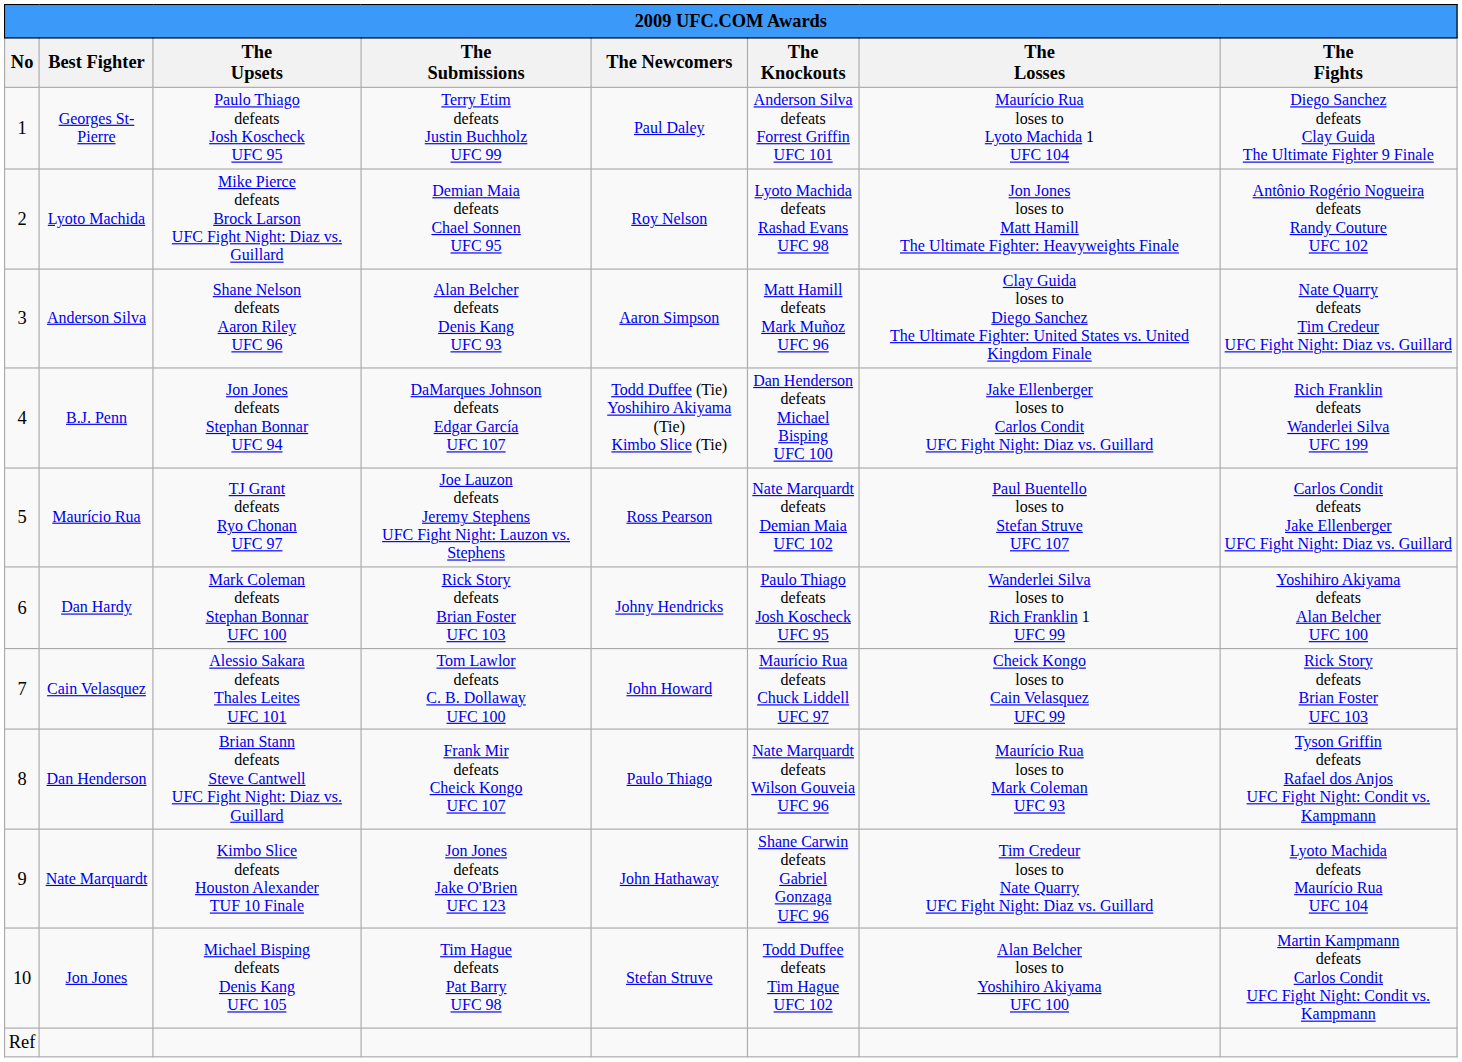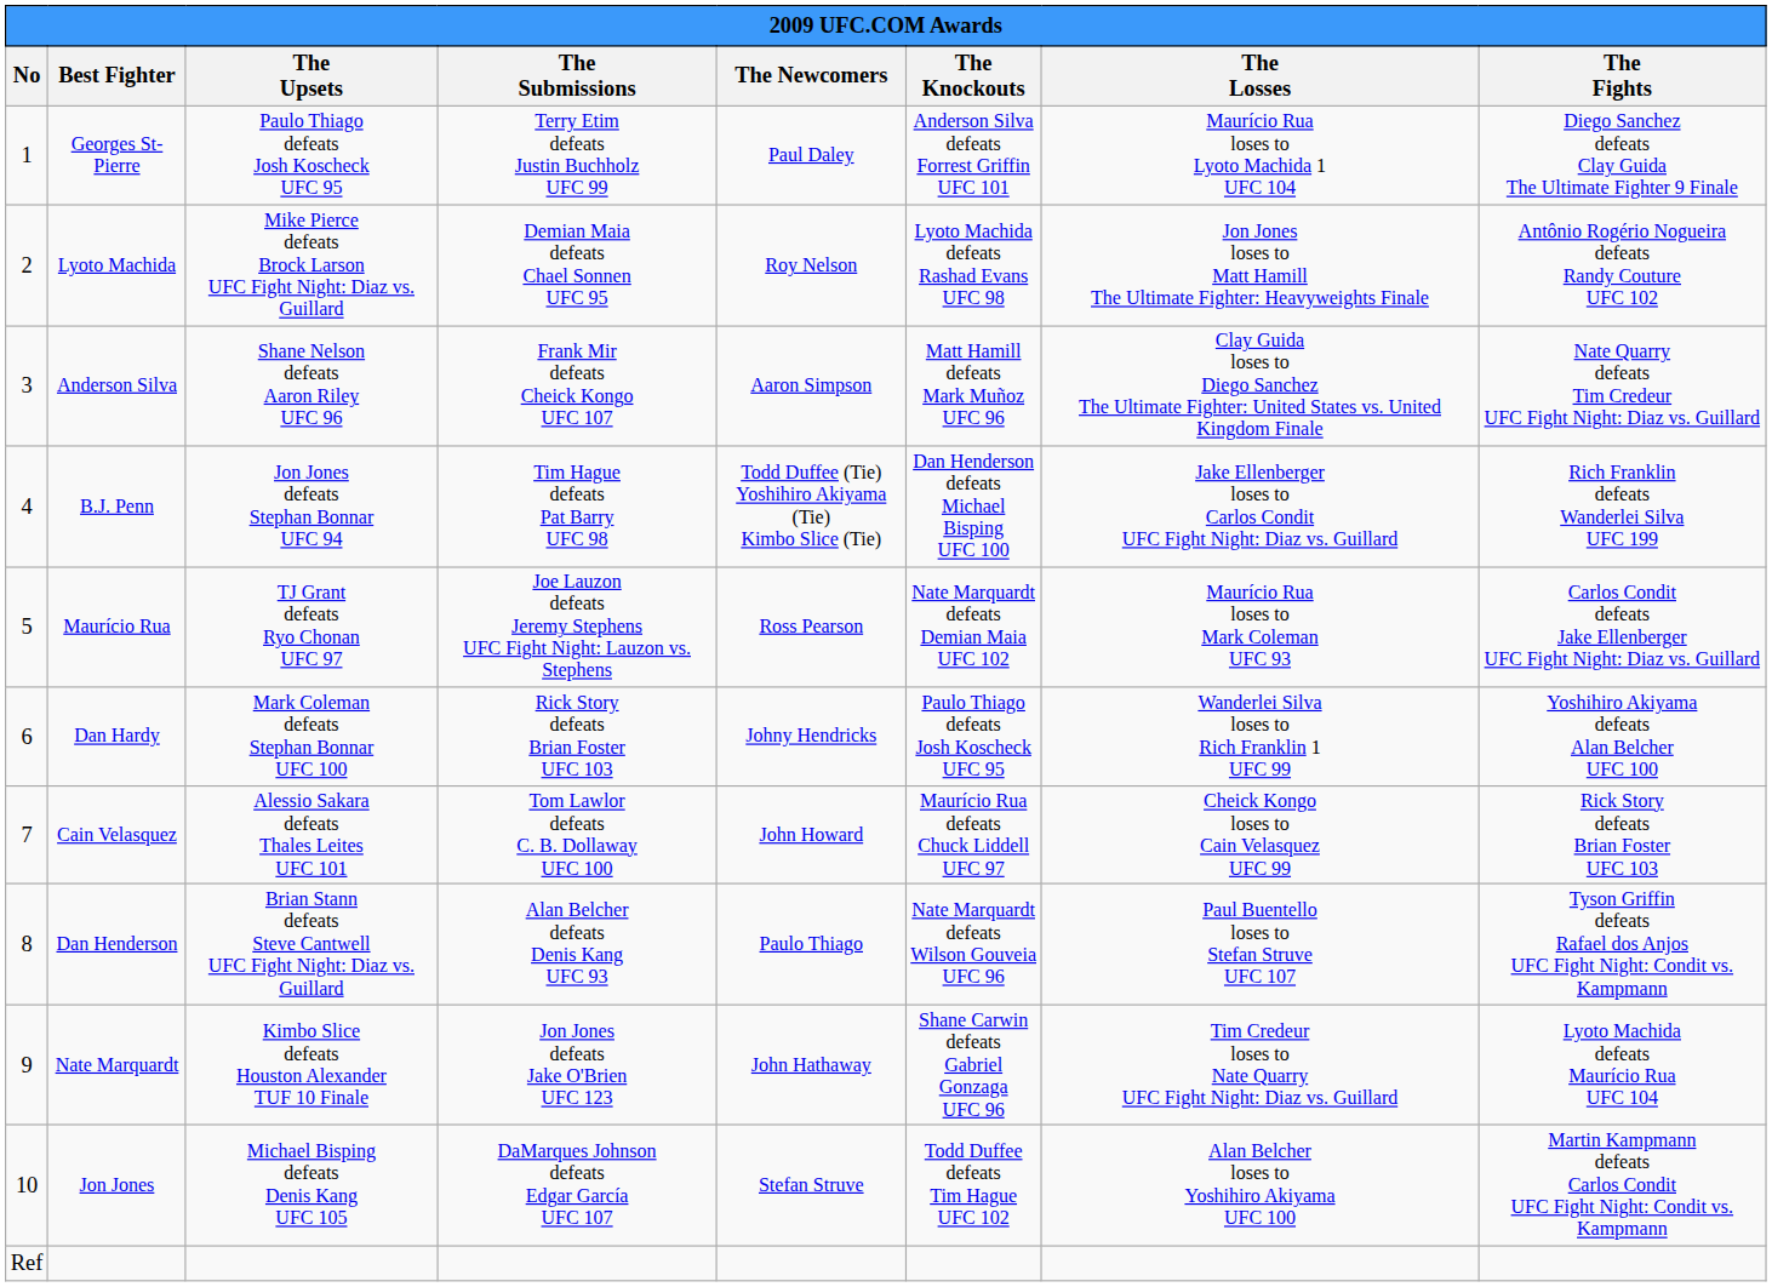 <table class="wikitable" width="100%" style="text-align:Center">
 <tr>
 <th colspan="8" style="border: 1px solid black; padding: 5px; background: #3B99FA;">2009 UFC.COM Awards</th>
 </tr>
 <tr>
 <th>No</th>
 <th>Best Fighter</th>
 <th>The<br>Upsets</th>
 <th>The<br>Submissions</th>
 <th>The Newcomers</th>
 <th>The<br>Knockouts</th>
 <th>The<br>Losses</th>
 <th>The<br>Fights</th>
 </tr>
 <tr>
 <td>1</td>
 <td style="font-size:87%"><a href='#'>Georges St-Pierre</a></td>
 <td style="font-size:87%"><a href='#'>Paulo Thiago</a> <br> defeats <br> <a href='#'>Josh Koscheck</a> <br> <a href='#'>UFC 95</a></td>
 <td style="font-size:87%"><a href='#'>Terry Etim</a> <br> defeats <br> <a href='#'>Justin Buchholz</a> <br> <a href='#'>UFC 99</a></td>
 <td style="font-size:87%"><a href='#'>Paul Daley</a></td>
 <td style="font-size:87%"><a href='#'>Anderson Silva</a> <br> defeats <br> <a href='#'>Forrest Griffin</a> <br> <a href='#'>UFC 101</a></td>
 <td style="font-size:87%"><a href='#'>Maurício Rua</a> <br> loses to <br> <a href='#'>Lyoto Machida</a> 1<br> <a href='#'>UFC 104</a></td>
 <td style="font-size:87%"><a href='#'>Diego Sanchez</a> <br> defeats <br> <a href='#'>Clay Guida</a> <br> <a href='#'>The Ultimate Fighter 9 Finale</a></td>
 </tr>
 <tr>
 <td>2</td>
 <td style="font-size:87%"><a href='#'>Lyoto Machida</a></td>
 <td style="font-size:87%"><a href='#'>Mike Pierce</a> <br> defeats  <br> <a href='#'>Brock Larson</a> <br> <a href='#'>UFC Fight Night: Diaz vs. Guillard</a></td>
 <td style="font-size:87%"><a href='#'>Demian Maia</a> <br> defeats <br> <a href='#'>Chael Sonnen</a> <br> <a href='#'>UFC 95</a></td>
 <td style="font-size:87%"><a href='#'>Roy Nelson</a></td>
 <td style="font-size:87%"><a href='#'>Lyoto Machida</a> <br> defeats <br> <a href='#'>Rashad Evans</a> <br> <a href='#'>UFC 98</a></td>
 <td style="font-size:87%"><a href='#'>Jon Jones</a> <br> loses to <br> <a href='#'>Matt Hamill</a> <br> <a href='#'>The Ultimate Fighter: Heavyweights Finale</a></td>
 <td style="font-size:87%"><a href='#'>Antônio Rogério Nogueira</a> <br> defeats <br> <a href='#'>Randy Couture</a> <br> <a href='#'>UFC 102</a></td>
 </tr>
 <tr>
 <td>3</td>
 <td style="font-size:87%"><a href='#'>Anderson Silva</a></td>
 <td style="font-size:87%"><a href='#'>Shane Nelson</a> <br> defeats  <br> <a href='#'>Aaron Riley</a> <br> <a href='#'>UFC 96</a></td>
-<td style="font-size:87%"><a href='#'>Alan Belcher</a> <br> defeats <br> <a href='#'>Denis Kang</a> <br> <a href='#'>UFC 93</a></td>
+<td style="font-size:87%"><a href='#'>Frank Mir</a> <br> defeats  <br> <a href='#'>Cheick Kongo</a> <br> <a href='#'>UFC 107</a></td>
 <td style="font-size:87%"><a href='#'>Aaron Simpson</a></td>
 <td style="font-size:87%"><a href='#'>Matt Hamill</a> <br> defeats <br> <a href='#'>Mark Muñoz</a> <br> <a href='#'>UFC 96</a></td>
 <td style="font-size:87%"><a href='#'>Clay Guida</a> <br> loses to <br> <a href='#'>Diego Sanchez</a> <br> <a href='#'>The Ultimate Fighter: United States vs. United Kingdom Finale</a></td>
 <td style="font-size:87%"><a href='#'>Nate Quarry</a><br> defeats <br> <a href='#'>Tim Credeur</a> <br> <a href='#'>UFC Fight Night: Diaz vs. Guillard</a></td>
 </tr>
 <tr>
 <td>4</td>
 <td style="font-size:87%"><a href='#'>B.J. Penn</a></td>
 <td style="font-size:87%"><a href='#'>Jon Jones</a> <br> defeats <br> <a href='#'>Stephan Bonnar</a> <br> <a href='#'>UFC 94</a></td>
-<td style="font-size:87%"><a href='#'>DaMarques Johnson</a> <br> defeats <br> <a href='#'>Edgar García</a> <br> <a href='#'>UFC 107</a></td>
+<td style="font-size:87%"><a href='#'>Tim Hague</a> <br> defeats <br> <a href='#'>Pat Barry</a> <br> <a href='#'>UFC 98</a></td>
 <td style="font-size:87%"><a href='#'>Todd Duffee</a> (Tie) <br> <a href='#'>Yoshihiro Akiyama</a> (Tie) <br><a href='#'>Kimbo Slice</a> (Tie)</td>
 <td style="font-size:87%"><a href='#'>Dan Henderson</a> <br> defeats <br> <a href='#'>Michael Bisping</a> <br> <a href='#'>UFC 100</a></td>
 <td style="font-size:87%"><a href='#'>Jake Ellenberger</a> <br> loses to <br> <a href='#'>Carlos Condit</a> <br> <a href='#'>UFC Fight Night: Diaz vs. Guillard</a></td>
 <td style="font-size:87%"><a href='#'>Rich Franklin</a> <br> defeats <br> <a href='#'>Wanderlei Silva</a> <br> <a href='#'>UFC 199</a></td>
 </tr>
 <tr>
 <td>5</td>
 <td style="font-size:87%"><a href='#'>Maurício Rua</a></td>
 <td style="font-size:87%"><a href='#'>TJ Grant</a> <br> defeats <br> <a href='#'>Ryo Chonan</a> <br> <a href='#'>UFC 97</a></td>
 <td style="font-size:87%"><a href='#'>Joe Lauzon</a> <br> defeats <br> <a href='#'>Jeremy Stephens</a> <br> <a href='#'>UFC Fight Night: Lauzon vs. Stephens</a></td>
 <td style="font-size:87%"><a href='#'>Ross Pearson</a></td>
 <td style="font-size:87%"><a href='#'>Nate Marquardt</a> <br> defeats <br> <a href='#'>Demian Maia</a> <br> <a href='#'>UFC 102</a></td>
-<td style="font-size:87%"><a href='#'>Paul Buentello</a> <br> loses to <br> <a href='#'>Stefan Struve</a> <br> <a href='#'>UFC 107</a></td>
+<td style="font-size:87%"><a href='#'>Maurício Rua</a> <br> loses to <br> <a href='#'>Mark Coleman</a> <br> <a href='#'>UFC 93</a></td>
 <td style="font-size:87%"><a href='#'>Carlos Condit</a> <br> defeats <br> <a href='#'>Jake Ellenberger</a> <br> <a href='#'>UFC Fight Night: Diaz vs. Guillard</a></td>
 </tr>
 <tr>
 <td>6</td>
 <td style="font-size:87%"><a href='#'>Dan Hardy</a></td>
 <td style="font-size:87%"><a href='#'>Mark Coleman</a> <br> defeats <br> <a href='#'>Stephan Bonnar</a> <br> <a href='#'>UFC 100</a></td>
 <td style="font-size:87%"><a href='#'>Rick Story</a> <br> defeats <br> <a href='#'>Brian Foster</a> <br> <a href='#'>UFC 103</a></td>
 <td style="font-size:87%"><a href='#'>Johny Hendricks</a></td>
 <td style="font-size:87%"><a href='#'>Paulo Thiago</a> <br> defeats <br> <a href='#'>Josh Koscheck</a> <br> <a href='#'>UFC 95</a></td>
 <td style="font-size:87%"><a href='#'>Wanderlei Silva</a> <br> loses to <br> <a href='#'>Rich Franklin</a> 1<br> <a href='#'>UFC 99</a></td>
 <td style="font-size:87%"><a href='#'>Yoshihiro Akiyama</a> <br> defeats <br> <a href='#'>Alan Belcher</a> <br> <a href='#'>UFC 100</a></td>
 </tr>
 <tr>
 <td>7</td>
 <td style="font-size:87%"><a href='#'>Cain Velasquez</a></td>
 <td style="font-size:87%"><a href='#'>Alessio Sakara</a> <br> defeats <br> <a href='#'>Thales Leites</a> <br> <a href='#'>UFC 101</a></td>
 <td style="font-size:87%"><a href='#'>Tom Lawlor</a> <br> defeats <br> <a href='#'>C. B. Dollaway</a> <br> <a href='#'>UFC 100</a></td>
 <td style="font-size:87%"><a href='#'>John Howard</a></td>
 <td style="font-size:87%"><a href='#'>Maurício Rua</a> <br> defeats <br> <a href='#'>Chuck Liddell</a> <br> <a href='#'>UFC 97</a></td>
 <td style="font-size:87%"><a href='#'>Cheick Kongo</a> <br> loses to <br> <a href='#'>Cain Velasquez</a> <br> <a href='#'>UFC 99</a></td>
 <td style="font-size:87%"><a href='#'>Rick Story</a> <br> defeats <br> <a href='#'>Brian Foster</a> <br> <a href='#'>UFC 103</a></td>
 </tr>
 <tr>
 <td>8</td>
 <td style="font-size:87%"><a href='#'>Dan Henderson</a></td>
 <td style="font-size:87%"><a href='#'>Brian Stann</a> <br> defeats <br> <a href='#'>Steve Cantwell</a> <br> <a href='#'>UFC Fight Night: Diaz vs. Guillard</a></td>
-<td style="font-size:87%"><a href='#'>Frank Mir</a> <br> defeats  <br> <a href='#'>Cheick Kongo</a> <br> <a href='#'>UFC 107</a></td>
+<td style="font-size:87%"><a href='#'>Alan Belcher</a> <br> defeats <br> <a href='#'>Denis Kang</a> <br> <a href='#'>UFC 93</a></td>
 <td style="font-size:87%"><a href='#'>Paulo Thiago</a></td>
 <td style="font-size:87%"><a href='#'>Nate Marquardt</a> <br> defeats <br> <a href='#'>Wilson Gouveia</a> <br> <a href='#'>UFC 96</a></td>
-<td style="font-size:87%"><a href='#'>Maurício Rua</a> <br> loses to <br> <a href='#'>Mark Coleman</a> <br> <a href='#'>UFC 93</a></td>
+<td style="font-size:87%"><a href='#'>Paul Buentello</a> <br> loses to <br> <a href='#'>Stefan Struve</a> <br> <a href='#'>UFC 107</a></td>
 <td style="font-size:87%"><a href='#'>Tyson Griffin</a> <br> defeats <br> <a href='#'>Rafael dos Anjos</a> <br> <a href='#'>UFC Fight Night: Condit vs. Kampmann</a></td>
 </tr>
 <tr>
 <td>9</td>
 <td style="font-size:87%"><a href='#'>Nate Marquardt</a></td>
 <td style="font-size:87%"><a href='#'>Kimbo Slice</a> <br> defeats <br>  <a href='#'>Houston Alexander</a> <br> <a href='#'>TUF 10 Finale</a></td>
 <td style="font-size:87%"><a href='#'>Jon Jones</a> <br> defeats <br> <a href='#'>Jake O'Brien</a> <br> <a href='#'>UFC 123</a></td>
 <td style="font-size:87%"><a href='#'>John Hathaway</a></td>
 <td style="font-size:87%"><a href='#'>Shane Carwin</a> <br> defeats <br> <a href='#'>Gabriel Gonzaga</a> <br> <a href='#'>UFC 96</a></td>
 <td style="font-size:87%"><a href='#'>Tim Credeur</a> <br> loses to <br> <a href='#'>Nate Quarry</a> <br> <a href='#'>UFC Fight Night: Diaz vs. Guillard</a></td>
 <td style="font-size:87%"><a href='#'>Lyoto Machida</a> <br> defeats <br> <a href='#'>Maurício Rua</a> <br> <a href='#'>UFC 104</a></td>
 </tr>
 <tr>
 <td>10</td>
 <td style="font-size:87%"><a href='#'>Jon Jones</a></td>
 <td style="font-size:87%"><a href='#'>Michael Bisping</a> <br> defeats <br> <a href='#'>Denis Kang</a> <br> <a href='#'>UFC 105</a></td>
-<td style="font-size:87%"><a href='#'>Tim Hague</a> <br> defeats <br> <a href='#'>Pat Barry</a> <br> <a href='#'>UFC 98</a></td>
+<td style="font-size:87%"><a href='#'>DaMarques Johnson</a> <br> defeats <br> <a href='#'>Edgar García</a> <br> <a href='#'>UFC 107</a></td>
 <td style="font-size:87%"><a href='#'>Stefan Struve</a></td>
 <td style="font-size:87%"><a href='#'>Todd Duffee</a><br> defeats <br> <a href='#'>Tim Hague</a> <br> <a href='#'>UFC 102</a></td>
 <td style="font-size:87%"><a href='#'>Alan Belcher</a> <br> loses to <br> <a href='#'>Yoshihiro Akiyama</a> <br> <a href='#'>UFC 100</a></td>
 <td style="font-size:87%"><a href='#'>Martin Kampmann</a> <br> defeats <br> <a href='#'>Carlos Condit</a> <br> <a href='#'>UFC Fight Night: Condit vs. Kampmann</a></td>
 </tr>
 <tr>
 <td>Ref</td>
 <td></td>
 <td></td>
 <td></td>
 <td></td>
 <td></td>
 <td></td>
 <td></td>
 </tr>
 </table>
